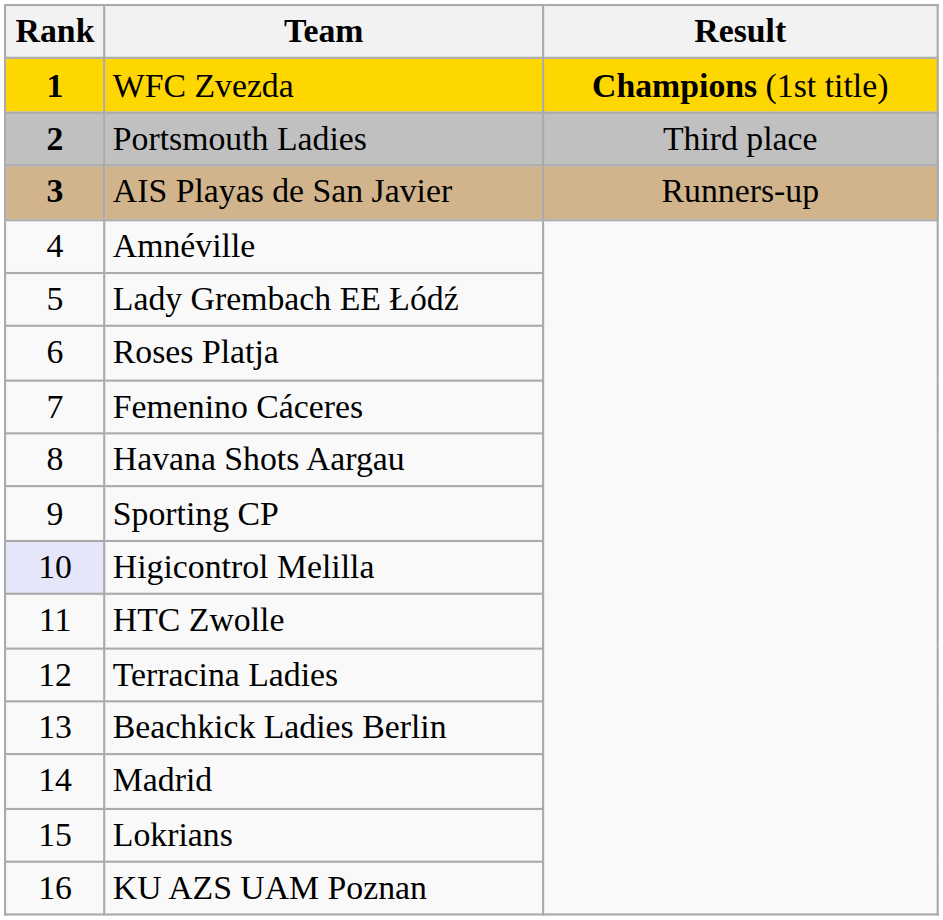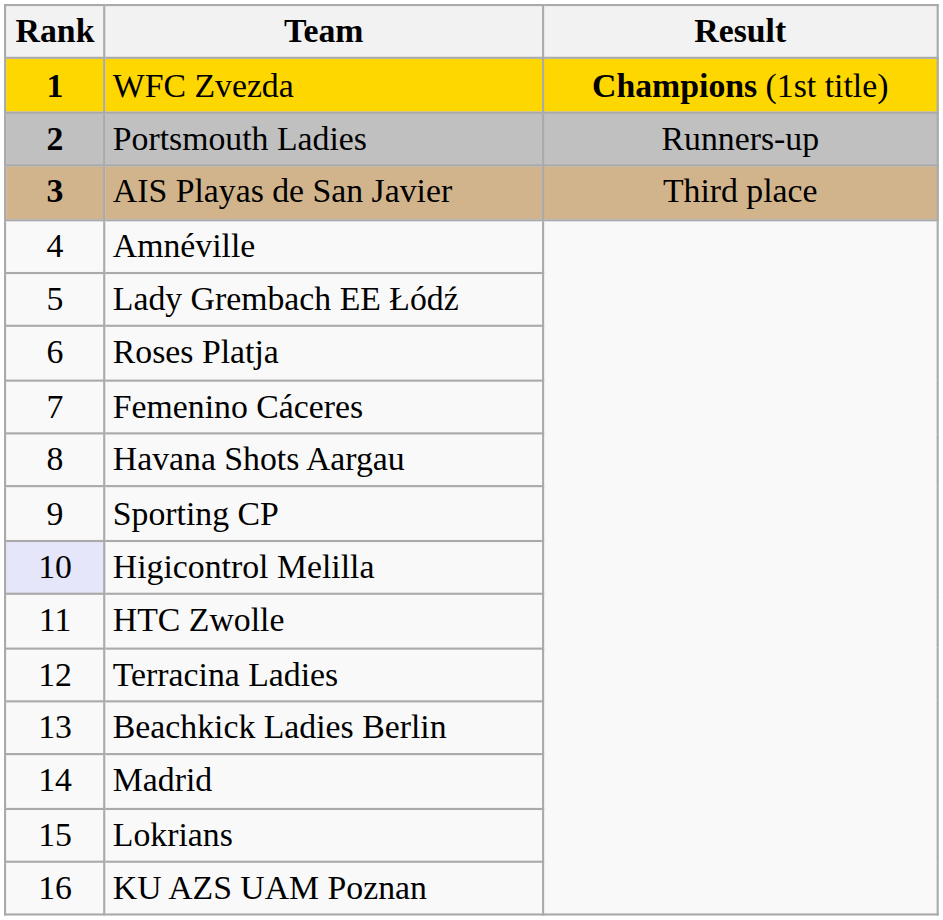 <table class="wikitable" style="text-align:center">
 <tr>
 <th width=40>Rank</th>
 <th width=200>Team</th>
 <th width=180>Result</th>
 </tr>
 <tr bgcolor="gold">
 <td><strong>1</strong></td>
 <td align="left"> WFC Zvezda</td>
 <td><strong>Champions</strong> (1st title)</td>
 </tr>
 <tr bgcolor="silver">
 <td><strong>2</strong></td>
 <td align="left"> Portsmouth Ladies</td>
-<td>Third place</td>
+<td>Runners-up</td>
 </tr>
 <tr bgcolor="tan">
 <td><strong>3</strong></td>
 <td align="left"> AIS Playas de San Javier</td>
-<td>Runners-up</td>
+<td>Third place</td>
 </tr>
 <tr>
 <td>4</td>
 <td align="left"> Amnéville</td>
 <td rowspan=30></td>
 </tr>
 <tr>
 <td>5</td>
 <td align="left"> Lady Grembach EE Łódź</td>
 </tr>
 <tr>
 <td>6</td>
 <td align="left"> Roses Platja</td>
 </tr>
 <tr>
 <td>7</td>
 <td align="left"> Femenino Cáceres</td>
 </tr>
 <tr>
 <td>8</td>
 <td align="left"> Havana Shots Aargau</td>
 </tr>
 <tr>
 <td>9</td>
 <td align="left"> Sporting CP</td>
 </tr>
 <tr>
 <td style="background: lavender;">10</td>
 <td align="left"> Higicontrol Melilla</td>
 </tr>
 <tr>
 <td>11</td>
 <td align="left"> HTC Zwolle</td>
 </tr>
 <tr>
 <td>12</td>
 <td align="left"> Terracina Ladies</td>
 </tr>
 <tr>
 <td>13</td>
 <td align="left"> Beachkick Ladies Berlin</td>
 </tr>
 <tr>
 <td>14</td>
 <td align="left"> Madrid</td>
 </tr>
 <tr>
 <td>15</td>
 <td align="left"> Lokrians</td>
 </tr>
 <tr>
 <td>16</td>
 <td align="left"> KU AZS UAM Poznan</td>
 </tr>
 </table>
